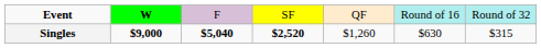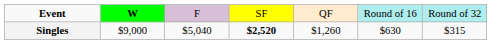 <table class=wikitable style=font-size:95%;text-align:center>
 <tr>
 <td style="width:130px"><strong>Event</strong></td>
 <td style="width:85px; background:lime"><strong>W</strong></td>
 <td style="width:85px; background:thistle">F</td>
 <td style="width:85px; background:#ffff00">SF</td>
 <td style="width:85px; background:#ffebcd">QF</td>
 <td style="width:85px; background:#afeeee">Round of 16</td>
 <td style="width:85px; background:#afeeee">Round of 32</td>
 </tr>
 <tr>
 <th style=background:#f3f3f3>Singles </th>
-<td><strong>$9,000</strong></td>
-<td><strong>$5,040</strong></td>
+<td>$9,000</td>
+<td>$5,040</td>
 <td><strong>$2,520</strong></td>
 <td>$1,260</td>
 <td>$630</td>
 <td>$315</td>
 </tr>
 </table>
